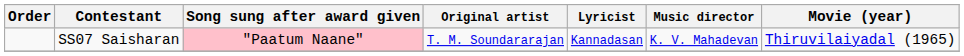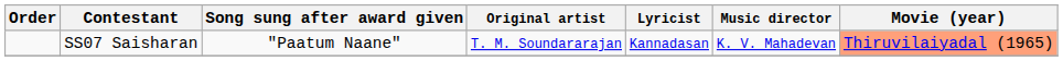 <table class="wikitable sortable" style="text-align: center; width: auto;">
 <tr style="background:lightgrey; text-align:center;">
 <th>Order</th>
 <th>Contestant</th>
 <th>Song sung after award given</th>
 <th><small>Original artist</small></th>
 <th><small>Lyricist </small></th>
 <th><small>Music director</small></th>
 <th>Movie (year)</th>
 </tr>
 <tr>
 <td></td>
 <td>SS07 Saisharan</td>
-<td style="background: pink;">"Paatum Naane"</td>
+<td>"Paatum Naane"</td>
 <td><small><a href='#'>T. M. Soundararajan</a> </small></td>
 <td><small><a href='#'>Kannadasan</a></small></td>
 <td><small><a href='#'>K. V. Mahadevan</a></small></td>
-<td><a href='#'>Thiruvilaiyadal</a> (1965)</td>
+<td style="background: lightsalmon;"><a href='#'>Thiruvilaiyadal</a> (1965)</td>
 </tr>
 <tr>
 </tr>
 </table>
